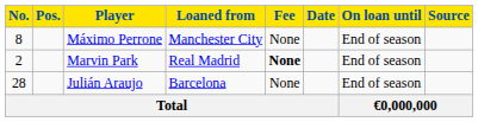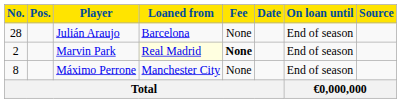 <table class="wikitable plainrowheaders sortable">
 <tr>
 <th style="background:#ffe400; color:#004b9d; ">No.</th>
 <th style="background:#ffe400; color:#004b9d; ">Pos.</th>
 <th style="background:#ffe400; color:#004b9d; ">Player</th>
 <th style="background:#ffe400; color:#004b9d; ">Loaned from</th>
 <th style="background:#ffe400; color:#004b9d; ">Fee</th>
 <th style="background:#ffe400; color:#004b9d; ">Date</th>
 <th style="background:#ffe400; color:#004b9d; ">On loan until</th>
 <th style="background:#ffe400; color:#004b9d; ">Source</th>
 </tr>
 <tr>
+<td align=center>28</td>
+<td align=center></td>
+<td> <a href='#'>Julián Araujo</a></td>
+<td><a href='#'>Barcelona</a></td>
+<td align=center>None</td>
+<td align=center></td>
+<td align=center>End of season</td>
+<td align=center></td>
+</tr>
+<tr>
+<td align=center>2</td>
+<td align=center></td>
+<td> <a href='#'>Marvin Park</a></td>
+<td style="background: lightyellow;"><a href='#'>Real Madrid</a></td>
+<td align=center><strong>None</strong></td>
+<td align=center></td>
+<td align=center>End of season</td>
+<td align=center></td>
+</tr>
+<tr>
 <td align=center>8</td>
 <td align=center></td>
 <td> <a href='#'>Máximo Perrone</a></td>
 <td> <a href='#'>Manchester City</a></td>
 <td align=center>None</td>
 <td align=center></td>
 <td align=center>End of season</td>
 <td align=center></td>
 </tr>
 <tr>
-<td align=center>2</td>
-<td align=center></td>
-<td> <a href='#'>Marvin Park</a></td>
-<td><a href='#'>Real Madrid</a></td>
-<td align=center><strong>None</strong></td>
-<td align=center></td>
-<td align=center>End of season</td>
-<td align=center></td>
-</tr>
-<tr>
-<td align=center>28</td>
-<td align=center></td>
-<td> <a href='#'>Julián Araujo</a></td>
-<td><a href='#'>Barcelona</a></td>
-<td align=center>None</td>
-<td align=center></td>
-<td align=center>End of season</td>
-<td align=center></td>
-</tr>
-<tr>
 <th colspan="6">Total</th>
 <th colspan="2">€0,000,000</th>
 </tr>
 </table>
